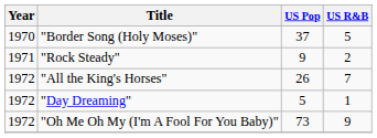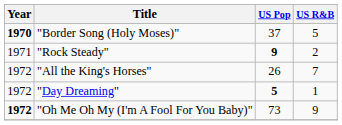 <table class="wikitable">
 <tr>
 <th>Year</th>
 <th>Title</th>
 <th><small><a href='#'>US Pop</a></small></th>
 <th><small><a href='#'>US R&B</a></small></th>
 </tr>
 <tr>
-<td>1970</td>
+<td><strong>1970</strong></td>
 <td>"Border Song (Holy Moses)"</td>
 <td align="center">37</td>
 <td align="center">5</td>
 </tr>
 <tr>
 <td>1971</td>
 <td>"Rock Steady"</td>
-<td align="center">9</td>
+<td align="center"><strong>9</strong></td>
 <td align="center">2</td>
 </tr>
 <tr>
 <td>1972</td>
 <td>"All the King's Horses"</td>
 <td align="center">26</td>
 <td align="center">7</td>
 </tr>
 <tr>
 <td>1972</td>
 <td>"<a href='#'>Day Dreaming</a>"</td>
-<td align="center">5</td>
+<td align="center"><strong>5</strong></td>
 <td align="center">1</td>
 </tr>
 <tr>
-<td>1972</td>
+<td><strong>1972</strong></td>
 <td>"Oh Me Oh My (I'm A Fool For You Baby)"</td>
 <td align="center">73</td>
 <td align="center">9</td>
 </tr>
 <tr>
 </tr>
 </table>
